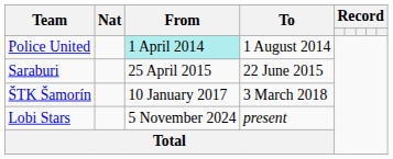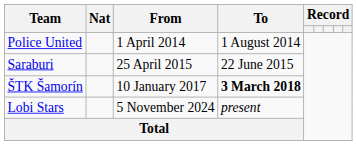 <table class="wikitable" style="text-align: center">
 <tr>
 <th rowspan=2>Team</th>
 <th rowspan=2>Nat</th>
 <th rowspan=2>From</th>
 <th rowspan=2>To</th>
 <th colspan=8>Record</th>
 </tr>
 <tr>
 <th></th>
 <th></th>
 <th></th>
 <th></th>
 <th></th>
 </tr>
 <tr>
 <td align=left><a href='#'>Police United</a></td>
 <td></td>
-<td align=left style="background: paleturquoise;">1 April 2014</td>
+<td align=left>1 April 2014</td>
 <td align=left>1 August 2014<br></td>
 </tr>
 <tr>
 <td align=left><a href='#'>Saraburi</a></td>
 <td></td>
 <td align=left>25 April 2015</td>
 <td align=left>22 June 2015<br></td>
 </tr>
 <tr>
 <td align=left><a href='#'>ŠTK Šamorín</a></td>
 <td></td>
 <td align=left>10 January 2017</td>
-<td align=left>3 March 2018<br></td>
+<td align=left><strong>3 March 2018<br></strong></td>
 </tr>
 <tr>
 <td align=left><a href='#'>Lobi Stars</a></td>
 <td></td>
 <td align=left>5 November 2024</td>
 <td align=left><em>present</em><br></td>
 </tr>
 <tr>
 <th colspan=4>Total<br></th>
 </tr>
 </table>
